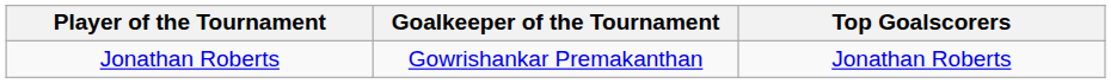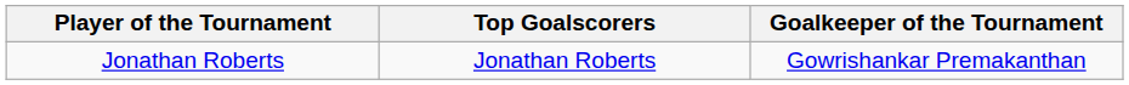 <table class=wikitable style="margin:auto; text-align:center">
 <tr>
 <th style="width: 250px;">Player of the Tournament</th>
+<th style="width: 250px;">Top Goalscorers</th>
 <th style="width: 250px;">Goalkeeper of the Tournament</th>
-<th style="width: 250px;">Top Goalscorers</th>
 </tr>
 <tr>
 <td> <a href='#'>Jonathan Roberts</a></td>
+<td> <a href='#'>Jonathan Roberts</a></td>
 <td> <a href='#'>Gowrishankar Premakanthan</a></td>
-<td> <a href='#'>Jonathan Roberts</a></td>
 </tr>
 </table>
